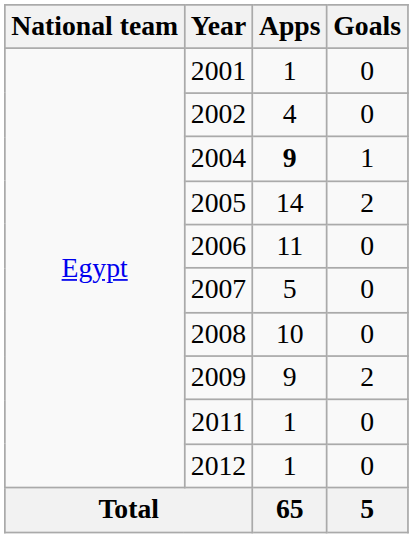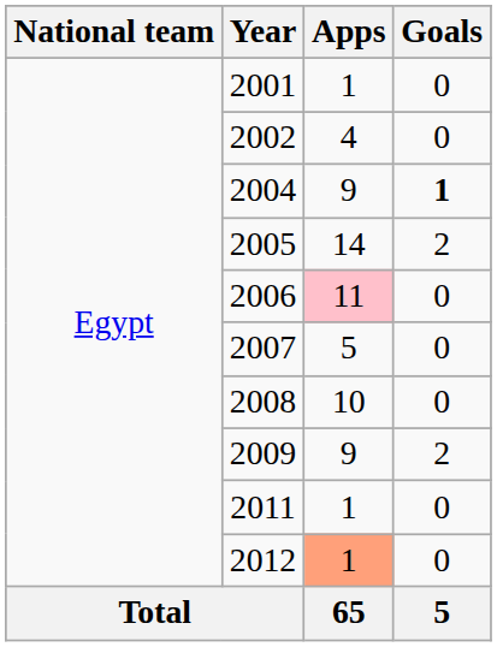 <table class="wikitable" style="text-align:center">
 <tr>
 <th>National team</th>
 <th>Year</th>
 <th>Apps</th>
 <th>Goals</th>
 </tr>
 <tr>
 <td rowspan="10"><a href='#'>Egypt</a></td>
 <td>2001</td>
 <td>1</td>
 <td>0</td>
 </tr>
 <tr>
 <td>2002</td>
 <td>4</td>
 <td>0</td>
 </tr>
 <tr>
 <td>2004</td>
-<td><strong>9</strong></td>
-<td>1</td>
+<td>9</td>
+<td><strong>1</strong></td>
 </tr>
 <tr>
 <td>2005</td>
 <td>14</td>
 <td>2</td>
 </tr>
 <tr>
 <td>2006</td>
-<td>11</td>
+<td style="background: pink;">11</td>
 <td>0</td>
 </tr>
 <tr>
 <td>2007</td>
 <td>5</td>
 <td>0</td>
 </tr>
 <tr>
 <td>2008</td>
 <td>10</td>
 <td>0</td>
 </tr>
 <tr>
 <td>2009</td>
 <td>9</td>
 <td>2</td>
 </tr>
 <tr>
 <td>2011</td>
 <td>1</td>
 <td>0</td>
 </tr>
 <tr>
 <td>2012</td>
-<td>1</td>
+<td style="background: lightsalmon;">1</td>
 <td>0</td>
 </tr>
 <tr>
 <th colspan="2">Total</th>
 <th>65</th>
 <th>5</th>
 </tr>
 </table>
